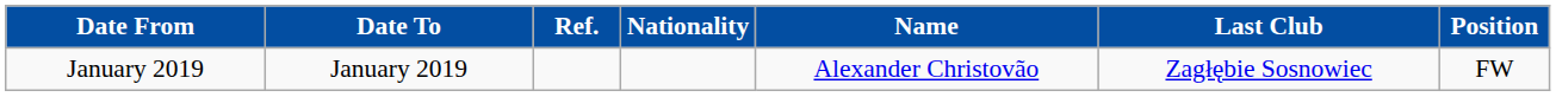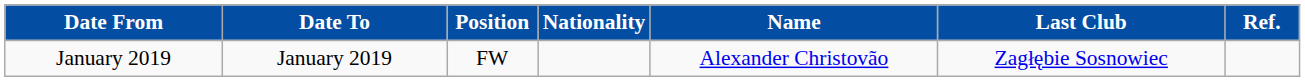 <table class="wikitable"  style="text-align:center; font-size:90%; ">
 <tr>
 <th style="background:#034ea2; color:#ffffff; width:150px;">Date From</th>
 <th style="background:#034ea2; color:#ffffff; width:155px;">Date To</th>
-<th style="background:#034ea2; color:#ffffff; width:45px;">Ref.</th>
+<th style="background:#034ea2; color:#ffffff; width:55px;">Position</th>
 <th style="background:#034ea2; color:#ffffff; width:55px;">Nationality</th>
 <th style="background:#034ea2; color:#ffffff; width:200px;">Name</th>
 <th style="background:#034ea2; color:#ffffff; width:200px;">Last Club</th>
-<th style="background:#034ea2; color:#ffffff; width:55px;">Position</th>
+<th style="background:#034ea2; color:#ffffff; width:45px;">Ref.</th>
 </tr>
 <tr>
 <td>January 2019</td>
 <td>January 2019</td>
-<td></td>
+<td>FW</td>
 <td></td>
 <td><a href='#'>Alexander Christovão</a></td>
 <td><a href='#'>Zagłębie Sosnowiec</a></td>
-<td>FW</td>
+<td></td>
 </tr>
 </table>
